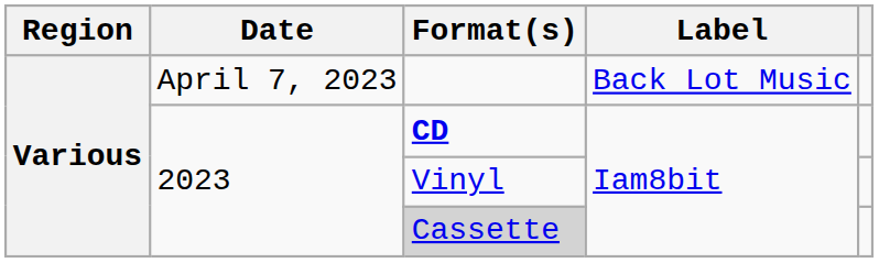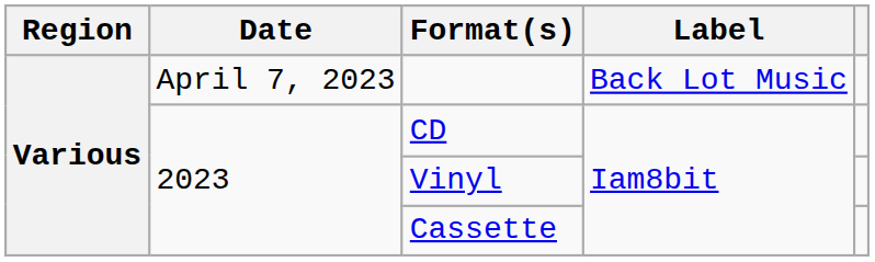 <table class="wikitable plainrowheaders">
 <tr>
 <th scope="col">Region</th>
 <th scope="col">Date</th>
 <th scope="col">Format(s)</th>
 <th scope="col">Label</th>
 <th scope="col"></th>
 </tr>
 <tr>
 <th rowspan="4" scope="row">Various</th>
 <td>April 7, 2023</td>
 <td></td>
 <td><a href='#'>Back Lot Music</a></td>
 <td align="center"></td>
 </tr>
 <tr>
 <td rowspan="3">2023</td>
-<td><strong><a href='#'>CD</a></strong></td>
+<td><a href='#'>CD</a></td>
 <td rowspan="3"><a href='#'>Iam8bit</a></td>
 <td align="center"></td>
 </tr>
 <tr>
 <td><a href='#'>Vinyl</a></td>
 <td align="center"></td>
 </tr>
 <tr>
-<td style="background: lightgrey;"><a href='#'>Cassette</a></td>
+<td><a href='#'>Cassette</a></td>
 <td align="center"></td>
 </tr>
 </table>
